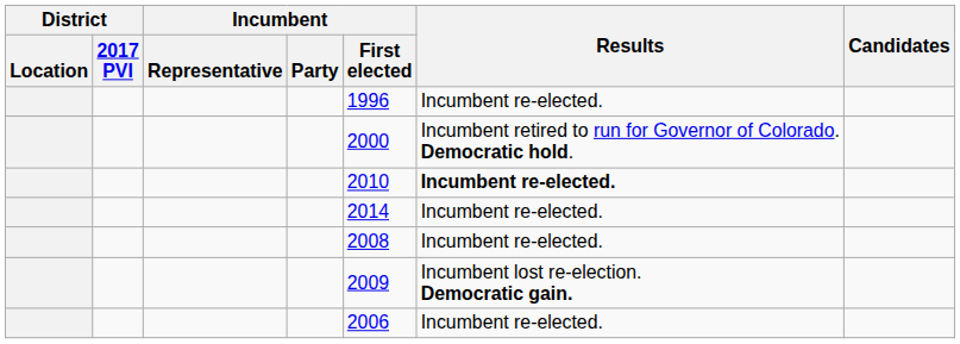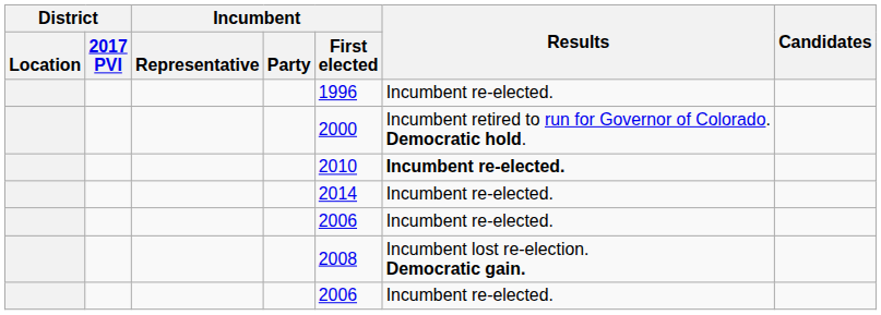 <table class="wikitable sortable">
 <tr>
 <th colspan=2>District</th>
 <th colspan=3>Incumbent</th>
 <th rowspan=2>Results</th>
 <th rowspan=2>Candidates</th>
 </tr>
 <tr valign=bottom>
 <th>Location</th>
 <th><a href='#'>2017<br>PVI</a></th>
 <th>Representative</th>
 <th>Party</th>
 <th>First<br>elected</th>
 </tr>
 <tr>
 <th></th>
 <td></td>
 <td></td>
 <td></td>
 <td><a href='#'>1996</a></td>
 <td>Incumbent re-elected.</td>
 <td nowrap></td>
 </tr>
 <tr>
 <th></th>
 <td></td>
 <td></td>
 <td></td>
 <td><a href='#'>2000</a></td>
 <td>Incumbent retired to <a href='#'>run for Governor of Colorado</a>.<br><strong>Democratic hold</strong>.</td>
 <td nowrap></td>
 </tr>
 <tr>
 <th></th>
 <td></td>
 <td></td>
 <td></td>
 <td><a href='#'>2010</a></td>
 <td><strong>Incumbent re-elected.</strong></td>
 <td nowrap></td>
 </tr>
 <tr>
 <th></th>
 <td></td>
 <td></td>
 <td></td>
 <td><a href='#'>2014</a></td>
 <td>Incumbent re-elected.</td>
 <td nowrap></td>
 </tr>
 <tr>
 <th></th>
 <td></td>
 <td></td>
 <td></td>
-<td><a href='#'>2008</a></td>
+<td><a href='#'>2006</a></td>
 <td>Incumbent re-elected.</td>
 <td nowrap></td>
 </tr>
 <tr>
 <th></th>
 <td></td>
 <td></td>
 <td></td>
-<td><a href='#'>2009</a></td>
+<td><a href='#'>2008</a></td>
 <td>Incumbent lost re-election.<br><strong>Democratic gain.</strong></td>
 <td nowrap></td>
 </tr>
 <tr>
 <th></th>
 <td></td>
 <td></td>
 <td></td>
 <td><a href='#'>2006</a></td>
 <td>Incumbent re-elected.</td>
 <td nowrap></td>
 </tr>
 </table>
